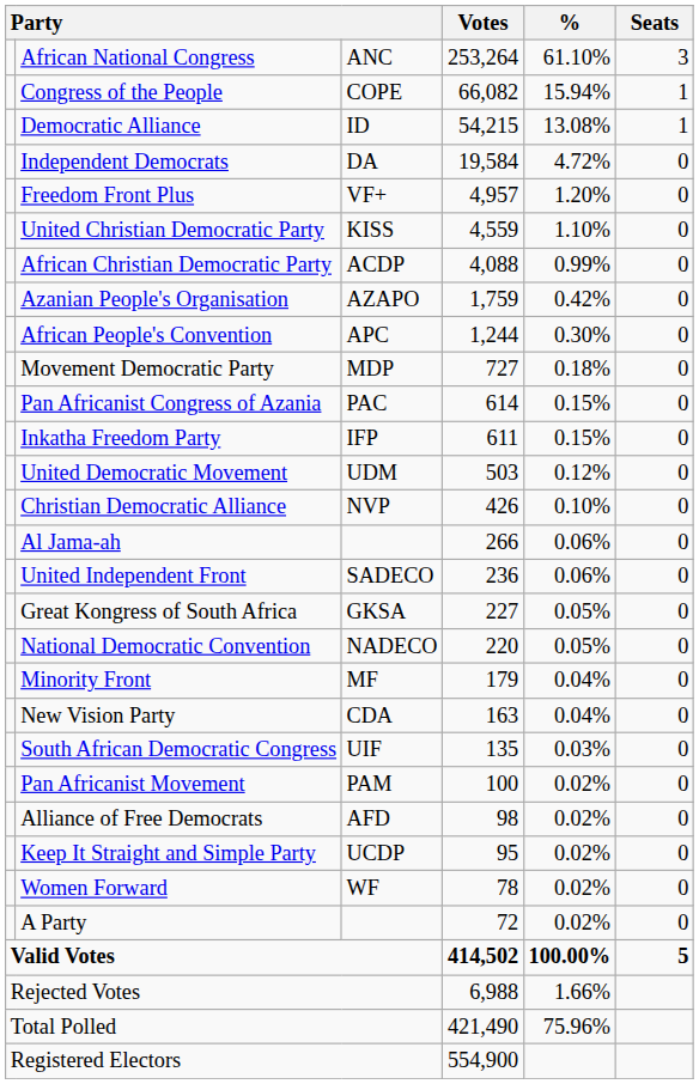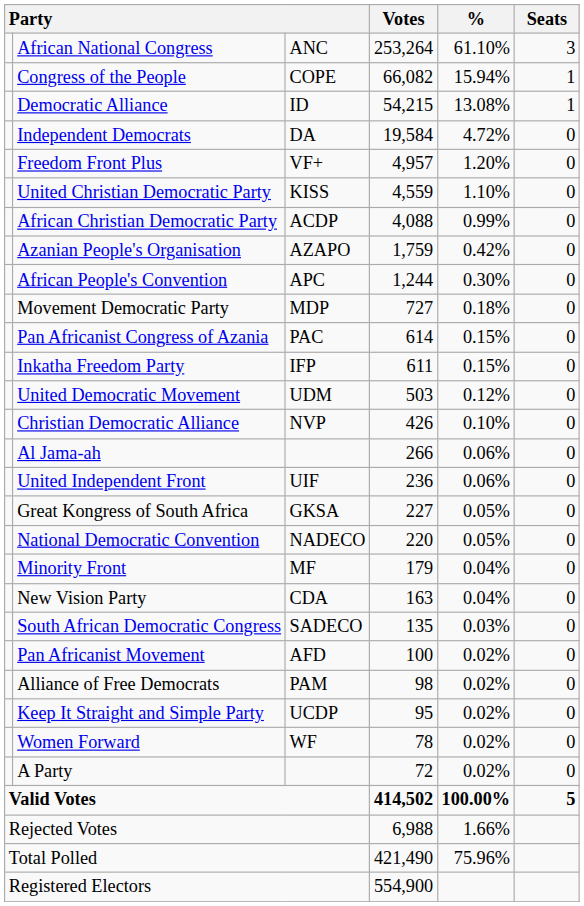 <table class="wikitable" border="1" style="text-align:right;">
 <tr>
 <th style="text-align:left;" colspan=3>Party</th>
 <th align=center width="50">Votes</th>
 <th align=center width="50">%</th>
 <th align=center width="50">Seats</th>
 </tr>
 <tr>
 <td style="background:"></td>
 <td align=left><a href='#'>African National Congress</a></td>
 <td align=left>ANC</td>
 <td>253,264</td>
 <td>61.10%</td>
 <td>3</td>
 </tr>
 <tr>
 <td style="background:"></td>
 <td align=left><a href='#'>Congress of the People</a></td>
 <td align=left>COPE</td>
 <td>66,082</td>
 <td>15.94%</td>
 <td>1</td>
 </tr>
 <tr>
 <td style="background:"></td>
 <td align=left><a href='#'>Democratic Alliance</a></td>
 <td align=left>ID</td>
 <td>54,215</td>
 <td>13.08%</td>
 <td>1</td>
 </tr>
 <tr>
 <td style="background:"></td>
 <td align=left><a href='#'>Independent Democrats</a></td>
 <td align=left>DA</td>
 <td>19,584</td>
 <td>4.72%</td>
 <td>0</td>
 </tr>
 <tr>
 <td style="background:"></td>
 <td align=left><a href='#'>Freedom Front Plus</a></td>
 <td align=left>VF+</td>
 <td>4,957</td>
 <td>1.20%</td>
 <td>0</td>
 </tr>
 <tr>
 <td style="background:"></td>
 <td align=left><a href='#'>United Christian Democratic Party</a></td>
 <td align=left>KISS</td>
 <td>4,559</td>
 <td>1.10%</td>
 <td>0</td>
 </tr>
 <tr>
 <td style="background:"></td>
 <td align=left><a href='#'>African Christian Democratic Party</a></td>
 <td align=left>ACDP</td>
 <td>4,088</td>
 <td>0.99%</td>
 <td>0</td>
 </tr>
 <tr>
 <td style="background:"></td>
 <td align=left><a href='#'>Azanian People's Organisation</a></td>
 <td align=left>AZAPO</td>
 <td>1,759</td>
 <td>0.42%</td>
 <td>0</td>
 </tr>
 <tr>
 <td style="background:"></td>
 <td align=left><a href='#'>African People's Convention</a></td>
 <td align=left>APC</td>
 <td>1,244</td>
 <td>0.30%</td>
 <td>0</td>
 </tr>
 <tr>
 <td></td>
 <td align=left>Movement Democratic Party</td>
 <td align=left>MDP</td>
 <td>727</td>
 <td>0.18%</td>
 <td>0</td>
 </tr>
 <tr>
 <td style="background:"></td>
 <td align=left><a href='#'>Pan Africanist Congress of Azania</a></td>
 <td align=left>PAC</td>
 <td>614</td>
 <td>0.15%</td>
 <td>0</td>
 </tr>
 <tr>
 <td style="background:"></td>
 <td align=left><a href='#'>Inkatha Freedom Party</a></td>
 <td align=left>IFP</td>
 <td>611</td>
 <td>0.15%</td>
 <td>0</td>
 </tr>
 <tr>
 <td style="background:"></td>
 <td align=left><a href='#'>United Democratic Movement</a></td>
 <td align=left>UDM</td>
 <td>503</td>
 <td>0.12%</td>
 <td>0</td>
 </tr>
 <tr>
 <td style="background:"></td>
 <td align=left><a href='#'>Christian Democratic Alliance</a></td>
 <td align=left>NVP</td>
 <td>426</td>
 <td>0.10%</td>
 <td>0</td>
 </tr>
 <tr>
 <td style="background:"></td>
 <td align=left><a href='#'>Al Jama-ah</a></td>
 <td align=left></td>
 <td>266</td>
 <td>0.06%</td>
 <td>0</td>
 </tr>
 <tr>
 <td style="background:"></td>
 <td align=left><a href='#'>United Independent Front</a></td>
-<td align=left>SADECO</td>
+<td align=left>UIF</td>
 <td>236</td>
 <td>0.06%</td>
 <td>0</td>
 </tr>
 <tr>
 <td></td>
 <td align=left>Great Kongress of South Africa</td>
 <td align=left>GKSA</td>
 <td>227</td>
 <td>0.05%</td>
 <td>0</td>
 </tr>
 <tr>
 <td style="background:"></td>
 <td align=left><a href='#'>National Democratic Convention</a></td>
 <td align=left>NADECO</td>
 <td>220</td>
 <td>0.05%</td>
 <td>0</td>
 </tr>
 <tr>
 <td style="background:"></td>
 <td align=left><a href='#'>Minority Front</a></td>
 <td align=left>MF</td>
 <td>179</td>
 <td>0.04%</td>
 <td>0</td>
 </tr>
 <tr>
 <td></td>
 <td align=left>New Vision Party</td>
 <td align=left>CDA</td>
 <td>163</td>
 <td>0.04%</td>
 <td>0</td>
 </tr>
 <tr>
 <td></td>
 <td align=left><a href='#'>South African Democratic Congress</a></td>
-<td align=left>UIF</td>
+<td align=left>SADECO</td>
 <td>135</td>
 <td>0.03%</td>
 <td>0</td>
 </tr>
 <tr>
 <td style="background:"></td>
 <td align=left><a href='#'>Pan Africanist Movement</a></td>
-<td align=left>PAM</td>
+<td align=left>AFD</td>
 <td>100</td>
 <td>0.02%</td>
 <td>0</td>
 </tr>
 <tr>
 <td></td>
 <td align=left>Alliance of Free Democrats</td>
-<td align=left>AFD</td>
+<td align=left>PAM</td>
 <td>98</td>
 <td>0.02%</td>
 <td>0</td>
 </tr>
 <tr>
 <td style="background:"></td>
 <td align=left><a href='#'>Keep It Straight and Simple Party</a></td>
 <td align=left>UCDP</td>
 <td>95</td>
 <td>0.02%</td>
 <td>0</td>
 </tr>
 <tr>
 <td style="background:"></td>
 <td align=left><a href='#'>Women Forward</a></td>
 <td align=left>WF</td>
 <td>78</td>
 <td>0.02%</td>
 <td>0</td>
 </tr>
 <tr>
 <td></td>
 <td align=left>A Party</td>
 <td align=left></td>
 <td>72</td>
 <td>0.02%</td>
 <td>0</td>
 </tr>
 <tr style="font-weight:bold">
 <td align=left colspan=3>Valid Votes</td>
 <td>414,502</td>
 <td>100.00%</td>
 <td>5</td>
 </tr>
 <tr>
 <td align=left colspan=3>Rejected Votes</td>
 <td>6,988</td>
 <td>1.66%</td>
 <td></td>
 </tr>
 <tr>
 <td align=left colspan=3>Total Polled</td>
 <td>421,490</td>
 <td>75.96%</td>
 <td></td>
 </tr>
 <tr>
 <td align=left colspan=3>Registered Electors</td>
 <td>554,900</td>
 <td></td>
 <td></td>
 </tr>
 </table>
